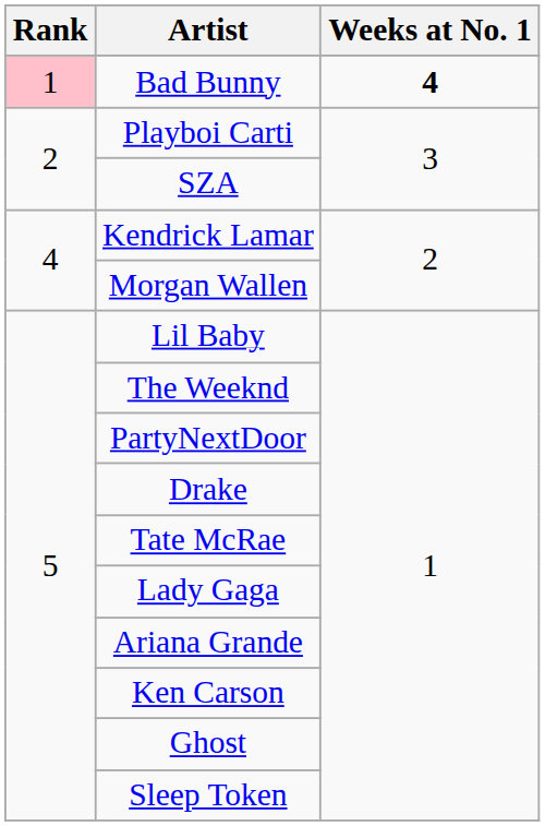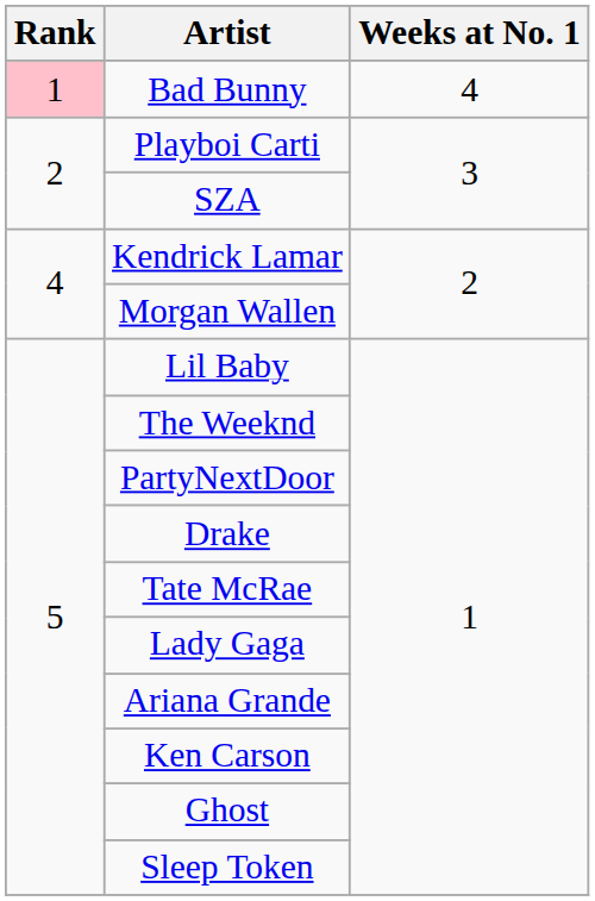 <table class="wikitable plainrowheaders" style="text-align:center;">
 <tr>
 <th scope="col">Rank</th>
 <th scope="col">Artist</th>
 <th scope="col">Weeks at No. 1</th>
 </tr>
 <tr>
 <td style="background: pink;">1</td>
 <td><a href='#'>Bad Bunny</a></td>
-<td><strong>4</strong></td>
+<td>4</td>
 </tr>
 <tr>
 <td rowspan="2">2</td>
 <td><a href='#'>Playboi Carti</a></td>
 <td rowspan="2">3</td>
 </tr>
 <tr>
 <td><a href='#'>SZA</a></td>
 </tr>
 <tr>
 <td rowspan="2">4</td>
 <td><a href='#'>Kendrick Lamar</a></td>
 <td rowspan="2">2</td>
 </tr>
 <tr>
 <td><a href='#'>Morgan Wallen</a></td>
 </tr>
 <tr>
 <td rowspan="10">5</td>
 <td><a href='#'>Lil Baby</a></td>
 <td rowspan="10">1</td>
 </tr>
 <tr>
 <td><a href='#'>The Weeknd</a></td>
 </tr>
 <tr>
 <td><a href='#'>PartyNextDoor</a></td>
 </tr>
 <tr>
 <td><a href='#'>Drake</a></td>
 </tr>
 <tr>
 <td><a href='#'>Tate McRae</a></td>
 </tr>
 <tr>
 <td><a href='#'>Lady Gaga</a></td>
 </tr>
 <tr>
 <td><a href='#'>Ariana Grande</a></td>
 </tr>
 <tr>
 <td><a href='#'>Ken Carson</a></td>
 </tr>
 <tr>
 <td><a href='#'>Ghost</a></td>
 </tr>
 <tr>
 <td><a href='#'>Sleep Token</a></td>
 </tr>
 </table>
